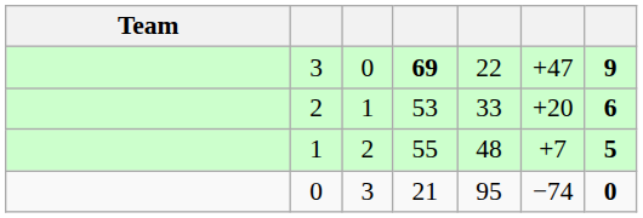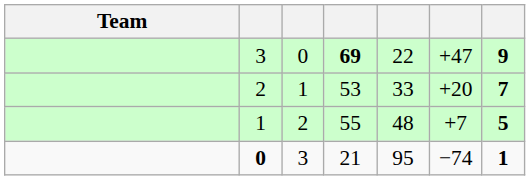 <table class="wikitable" style="text-align:center;">
 <tr>
 <th style="width:10.5em;">Team</th>
 <th style="width:1.5em;"></th>
 <th style="width:1.5em;"></th>
 <th style="width:2.0em;"></th>
 <th style="width:2.0em;"></th>
 <th style="width:2.0em;"></th>
 <th style="width:1.5em;"></th>
 </tr>
 <tr bgcolor="#cfc">
 <td align="left"></td>
 <td>3</td>
 <td>0</td>
 <td><strong>69</strong></td>
 <td>22</td>
 <td>+47</td>
 <td><strong>9</strong></td>
 </tr>
 <tr bgcolor="#cfc">
 <td align="left"></td>
 <td>2</td>
 <td>1</td>
 <td>53</td>
 <td>33</td>
 <td>+20</td>
-<td><strong>6</strong></td>
+<td><strong>7</strong></td>
 </tr>
 <tr bgcolor="#cfc">
 <td align="left"></td>
 <td>1</td>
 <td>2</td>
 <td>55</td>
 <td>48</td>
 <td>+7</td>
 <td><strong>5</strong></td>
 </tr>
 <tr>
 <td align="left"></td>
-<td>0</td>
+<td><strong>0</strong></td>
 <td>3</td>
 <td>21</td>
 <td>95</td>
 <td>−74</td>
-<td><strong>0</strong></td>
+<td><strong>1</strong></td>
 </tr>
 </table>
